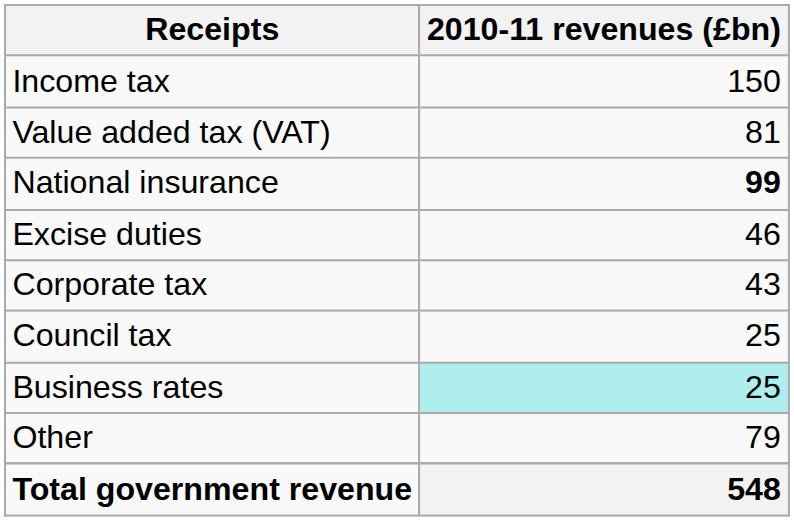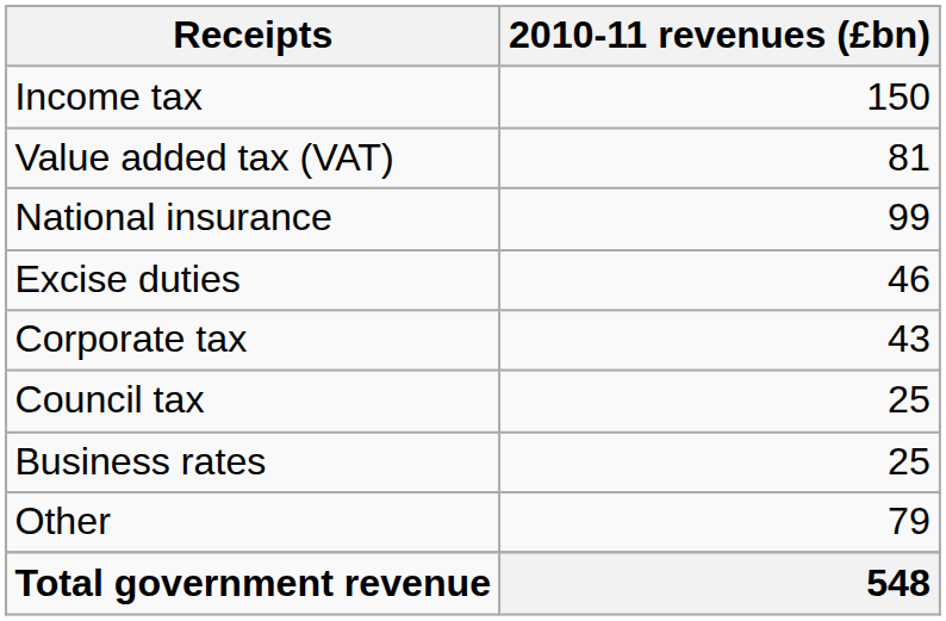 <table class="wikitable sortable">
 <tr>
 <th>Receipts</th>
 <th style="text-align: right">2010-11 revenues (£bn)</th>
 </tr>
 <tr>
 <td>Income tax</td>
 <td style="text-align: right">150</td>
 </tr>
 <tr>
 <td>Value added tax (VAT)</td>
 <td style="text-align: right">81</td>
 </tr>
 <tr>
 <td>National insurance</td>
-<td style="text-align: right"><strong>99</strong></td>
+<td style="text-align: right">99</td>
 </tr>
 <tr>
 <td>Excise duties</td>
 <td style="text-align: right">46</td>
 </tr>
 <tr>
 <td>Corporate tax</td>
 <td style="text-align: right">43</td>
 </tr>
 <tr>
 <td>Council tax</td>
 <td style="text-align: right">25</td>
 </tr>
 <tr>
 <td>Business rates</td>
-<td style="background: paleturquoise; text-align: right">25</td>
+<td style="text-align: right">25</td>
 </tr>
 <tr>
 <td>Other</td>
 <td style="text-align: right">79</td>
 </tr>
 <tr>
 </tr>
 <tr class="sortbottom">
 <td style="text-align: left"><strong>Total government revenue</strong></td>
 <th style="text-align: right">548</th>
 </tr>
 </table>
